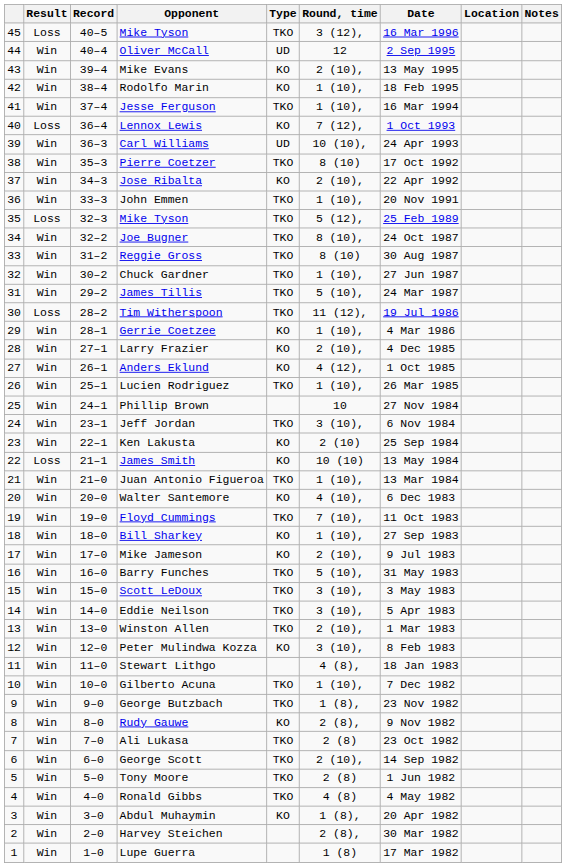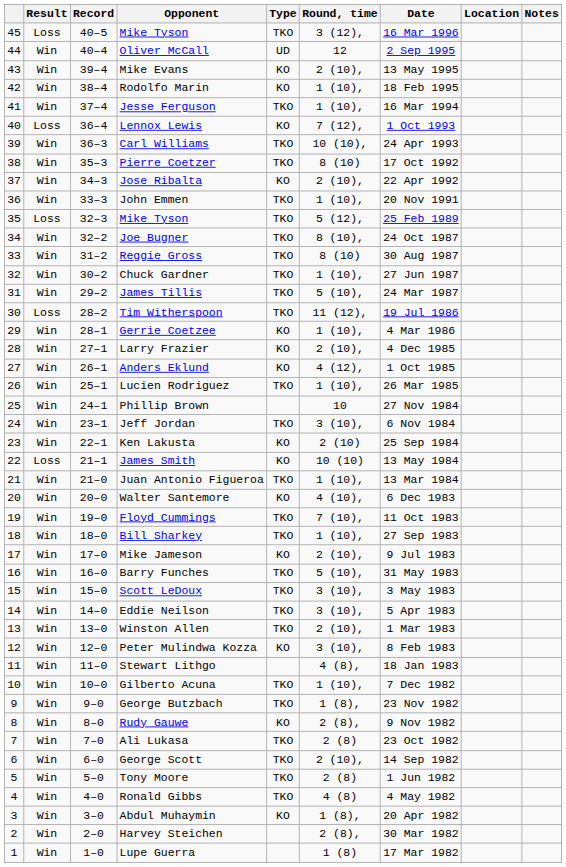 <table class="wikitable" style="text-align:center">
 <tr>
 <th></th>
 <th>Result</th>
 <th>Record</th>
 <th>Opponent</th>
 <th>Type</th>
 <th>Round, time</th>
 <th>Date</th>
 <th>Location</th>
 <th>Notes</th>
 </tr>
 <tr>
 <td>45</td>
 <td>Loss</td>
 <td>40–5</td>
 <td style="text-align:left;"><a href='#'>Mike Tyson</a></td>
 <td>TKO</td>
 <td>3 (12), </td>
 <td><a href='#'>16 Mar 1996</a></td>
 <td style="text-align:left;"></td>
 <td style="text-align:left;"></td>
 </tr>
 <tr>
 <td>44</td>
 <td>Win</td>
 <td>40–4</td>
 <td style="text-align:left;"><a href='#'>Oliver McCall</a></td>
 <td>UD</td>
 <td>12</td>
 <td><a href='#'>2 Sep 1995</a></td>
 <td style="text-align:left;"></td>
 <td style="text-align:left;"></td>
 </tr>
 <tr>
 <td>43</td>
 <td>Win</td>
 <td>39–4</td>
 <td style="text-align:left;">Mike Evans</td>
 <td>KO</td>
 <td>2 (10), </td>
 <td>13 May 1995</td>
 <td style="text-align:left;"></td>
 <td></td>
 </tr>
 <tr>
 <td>42</td>
 <td>Win</td>
 <td>38–4</td>
 <td style="text-align:left;">Rodolfo Marin</td>
 <td>KO</td>
 <td>1 (10), </td>
 <td>18 Feb 1995</td>
 <td style="text-align:left;"></td>
 <td></td>
 </tr>
 <tr>
 <td>41</td>
 <td>Win</td>
 <td>37–4</td>
 <td style="text-align:left;"><a href='#'>Jesse Ferguson</a></td>
 <td>TKO</td>
 <td>1 (10), </td>
 <td>16 Mar 1994</td>
 <td style="text-align:left;"></td>
 <td></td>
 </tr>
 <tr>
 <td>40</td>
 <td>Loss</td>
 <td>36–4</td>
 <td style="text-align:left;"><a href='#'>Lennox Lewis</a></td>
 <td>KO</td>
 <td>7 (12), </td>
 <td><a href='#'>1 Oct 1993</a></td>
 <td style="text-align:left;"></td>
 <td style="text-align:left;"></td>
 </tr>
 <tr>
 <td>39</td>
 <td>Win</td>
 <td>36–3</td>
 <td style="text-align:left;"><a href='#'>Carl Williams</a></td>
-<td>UD</td>
+<td>TKO</td>
 <td>10 (10), </td>
 <td>24 Apr 1993</td>
 <td style="text-align:left;"></td>
 <td></td>
 </tr>
 <tr>
 <td>38</td>
 <td>Win</td>
 <td>35–3</td>
 <td style="text-align:left;"><a href='#'>Pierre Coetzer</a></td>
 <td>TKO</td>
 <td>8 (10)</td>
 <td>17 Oct 1992</td>
 <td style="text-align:left;"></td>
 <td></td>
 </tr>
 <tr>
 <td>37</td>
 <td>Win</td>
 <td>34–3</td>
 <td style="text-align:left;"><a href='#'>Jose Ribalta</a></td>
 <td>KO</td>
 <td>2 (10), </td>
 <td>22 Apr 1992</td>
 <td style="text-align:left;"></td>
 <td></td>
 </tr>
 <tr>
 <td>36</td>
 <td>Win</td>
 <td>33–3</td>
 <td style="text-align:left;">John Emmen</td>
 <td>TKO</td>
 <td>1 (10), </td>
 <td>20 Nov 1991</td>
 <td style="text-align:left;"></td>
 <td></td>
 </tr>
 <tr>
 <td>35</td>
 <td>Loss</td>
 <td>32–3</td>
 <td style="text-align:left;"><a href='#'>Mike Tyson</a></td>
 <td>TKO</td>
 <td>5 (12), </td>
 <td><a href='#'>25 Feb 1989</a></td>
 <td style="text-align:left;"></td>
 <td style="text-align:left;"></td>
 </tr>
 <tr>
 <td>34</td>
 <td>Win</td>
 <td>32–2</td>
 <td style="text-align:left;"><a href='#'>Joe Bugner</a></td>
 <td>TKO</td>
 <td>8 (10), </td>
 <td>24 Oct 1987</td>
 <td style="text-align:left;"></td>
 <td></td>
 </tr>
 <tr>
 <td>33</td>
 <td>Win</td>
 <td>31–2</td>
 <td style="text-align:left;"><a href='#'>Reggie Gross</a></td>
 <td>TKO</td>
 <td>8 (10)</td>
 <td>30 Aug 1987</td>
 <td style="text-align:left;"></td>
 <td></td>
 </tr>
 <tr>
 <td>32</td>
 <td>Win</td>
 <td>30–2</td>
 <td style="text-align:left;">Chuck Gardner</td>
 <td>TKO</td>
 <td>1 (10), </td>
 <td>27 Jun 1987</td>
 <td style="text-align:left;"></td>
 <td></td>
 </tr>
 <tr>
 <td>31</td>
 <td>Win</td>
 <td>29–2</td>
 <td style="text-align:left;"><a href='#'>James Tillis</a></td>
 <td>TKO</td>
 <td>5 (10), </td>
 <td>24 Mar 1987</td>
 <td style="text-align:left;"></td>
 <td></td>
 </tr>
 <tr>
 <td>30</td>
 <td>Loss</td>
 <td>28–2</td>
 <td style="text-align:left;"><a href='#'>Tim Witherspoon</a></td>
 <td>TKO</td>
 <td>11 (12), </td>
 <td><a href='#'>19 Jul 1986</a></td>
 <td style="text-align:left;"></td>
 <td style="text-align:left;"></td>
 </tr>
 <tr>
 <td>29</td>
 <td>Win</td>
 <td>28–1</td>
 <td style="text-align:left;"><a href='#'>Gerrie Coetzee</a></td>
 <td>KO</td>
 <td>1 (10), </td>
 <td>4 Mar 1986</td>
 <td style="text-align:left;"></td>
 <td></td>
 </tr>
 <tr>
 <td>28</td>
 <td>Win</td>
 <td>27–1</td>
 <td style="text-align:left;">Larry Frazier</td>
 <td>KO</td>
 <td>2 (10), </td>
 <td>4 Dec 1985</td>
 <td style="text-align:left;"></td>
 <td></td>
 </tr>
 <tr>
 <td>27</td>
 <td>Win</td>
 <td>26–1</td>
 <td style="text-align:left;"><a href='#'>Anders Eklund</a></td>
 <td>KO</td>
 <td>4 (12), </td>
 <td>1 Oct 1985</td>
 <td style="text-align:left;"></td>
 <td style="text-align:left;"></td>
 </tr>
 <tr>
 <td>26</td>
 <td>Win</td>
 <td>25–1</td>
 <td style="text-align:left;">Lucien Rodriguez</td>
 <td>TKO</td>
 <td>1 (10), </td>
 <td>26 Mar 1985</td>
 <td style="text-align:left;"></td>
 <td></td>
 </tr>
 <tr>
 <td>25</td>
 <td>Win</td>
 <td>24–1</td>
 <td style="text-align:left;">Phillip Brown</td>
 <td></td>
 <td>10</td>
 <td>27 Nov 1984</td>
 <td style="text-align:left;"></td>
 <td></td>
 </tr>
 <tr>
 <td>24</td>
 <td>Win</td>
 <td>23–1</td>
 <td style="text-align:left;">Jeff Jordan</td>
 <td>TKO</td>
 <td>3 (10), </td>
 <td>6 Nov 1984</td>
 <td style="text-align:left;"></td>
 <td></td>
 </tr>
 <tr>
 <td>23</td>
 <td>Win</td>
 <td>22–1</td>
 <td style="text-align:left;">Ken Lakusta</td>
 <td>KO</td>
 <td>2 (10)</td>
 <td>25 Sep 1984</td>
 <td style="text-align:left;"></td>
 <td></td>
 </tr>
 <tr>
 <td>22</td>
 <td>Loss</td>
 <td>21–1</td>
 <td style="text-align:left;"><a href='#'>James Smith</a></td>
 <td>KO</td>
 <td>10 (10)</td>
 <td>13 May 1984</td>
 <td style="text-align:left;"></td>
 <td></td>
 </tr>
 <tr>
 <td>21</td>
 <td>Win</td>
 <td>21–0</td>
 <td style="text-align:left;">Juan Antonio Figueroa</td>
 <td>TKO</td>
 <td>1 (10), </td>
 <td>13 Mar 1984</td>
 <td style="text-align:left;"></td>
 <td></td>
 </tr>
 <tr>
 <td>20</td>
 <td>Win</td>
 <td>20–0</td>
 <td style="text-align:left;">Walter Santemore</td>
 <td>KO</td>
 <td>4 (10), </td>
 <td>6 Dec 1983</td>
 <td style="text-align:left;"></td>
 <td></td>
 </tr>
 <tr>
 <td>19</td>
 <td>Win</td>
 <td>19–0</td>
 <td style="text-align:left;"><a href='#'>Floyd Cummings</a></td>
 <td>TKO</td>
 <td>7 (10), </td>
 <td>11 Oct 1983</td>
 <td style="text-align:left;"></td>
 <td></td>
 </tr>
 <tr>
 <td>18</td>
 <td>Win</td>
 <td>18–0</td>
 <td style="text-align:left;"><a href='#'>Bill Sharkey</a></td>
-<td>KO</td>
+<td>TKO</td>
 <td>1 (10), </td>
 <td>27 Sep 1983</td>
 <td style="text-align:left;"></td>
 <td></td>
 </tr>
 <tr>
 <td>17</td>
 <td>Win</td>
 <td>17–0</td>
 <td style="text-align:left;">Mike Jameson</td>
 <td>KO</td>
 <td>2 (10), </td>
 <td>9 Jul 1983</td>
 <td style="text-align:left;"></td>
 <td></td>
 </tr>
 <tr>
 <td>16</td>
 <td>Win</td>
 <td>16–0</td>
 <td style="text-align:left;">Barry Funches</td>
 <td>TKO</td>
 <td>5 (10), </td>
 <td>31 May 1983</td>
 <td style="text-align:left;"></td>
 <td></td>
 </tr>
 <tr>
 <td>15</td>
 <td>Win</td>
 <td>15–0</td>
 <td style="text-align:left;"><a href='#'>Scott LeDoux</a></td>
 <td>TKO</td>
 <td>3 (10), </td>
 <td>3 May 1983</td>
 <td style="text-align:left;"></td>
 <td></td>
 </tr>
 <tr>
 <td>14</td>
 <td>Win</td>
 <td>14–0</td>
 <td style="text-align:left;">Eddie Neilson</td>
 <td>TKO</td>
 <td>3 (10), </td>
 <td>5 Apr 1983</td>
 <td style="text-align:left;"></td>
 <td></td>
 </tr>
 <tr>
 <td>13</td>
 <td>Win</td>
 <td>13–0</td>
 <td style="text-align:left;">Winston Allen</td>
 <td>TKO</td>
 <td>2 (10), </td>
 <td>1 Mar 1983</td>
 <td style="text-align:left;"></td>
 <td></td>
 </tr>
 <tr>
 <td>12</td>
 <td>Win</td>
 <td>12–0</td>
 <td style="text-align:left;">Peter Mulindwa Kozza</td>
 <td>KO</td>
 <td>3 (10), </td>
 <td>8 Feb 1983</td>
 <td style="text-align:left;"></td>
 <td></td>
 </tr>
 <tr>
 <td>11</td>
 <td>Win</td>
 <td>11–0</td>
 <td style="text-align:left;">Stewart Lithgo</td>
 <td></td>
 <td>4 (8), </td>
 <td>18 Jan 1983</td>
 <td style="text-align:left;"></td>
 <td></td>
 </tr>
 <tr>
 <td>10</td>
 <td>Win</td>
 <td>10–0</td>
 <td style="text-align:left;">Gilberto Acuna</td>
 <td>TKO</td>
 <td>1 (10), </td>
 <td>7 Dec 1982</td>
 <td style="text-align:left;"></td>
 <td></td>
 </tr>
 <tr>
 <td>9</td>
 <td>Win</td>
 <td>9–0</td>
 <td style="text-align:left;">George Butzbach</td>
 <td>TKO</td>
 <td>1 (8), </td>
 <td>23 Nov 1982</td>
 <td style="text-align:left;"></td>
 <td></td>
 </tr>
 <tr>
 <td>8</td>
 <td>Win</td>
 <td>8–0</td>
 <td style="text-align:left;"><a href='#'>Rudy Gauwe</a></td>
 <td>KO</td>
 <td>2 (8), </td>
 <td>9 Nov 1982</td>
 <td style="text-align:left;"></td>
 <td></td>
 </tr>
 <tr>
 <td>7</td>
 <td>Win</td>
 <td>7–0</td>
 <td style="text-align:left;">Ali Lukasa</td>
 <td>TKO</td>
 <td>2 (8)</td>
 <td>23 Oct 1982</td>
 <td style="text-align:left;"></td>
 <td></td>
 </tr>
 <tr>
 <td>6</td>
 <td>Win</td>
 <td>6–0</td>
 <td style="text-align:left;">George Scott</td>
 <td>TKO</td>
 <td>2 (10), </td>
 <td>14 Sep 1982</td>
 <td style="text-align:left;"></td>
 <td></td>
 </tr>
 <tr>
 <td>5</td>
 <td>Win</td>
 <td>5–0</td>
 <td style="text-align:left;">Tony Moore</td>
 <td>TKO</td>
 <td>2 (8)</td>
 <td>1 Jun 1982</td>
 <td style="text-align:left;"></td>
 <td></td>
 </tr>
 <tr>
 <td>4</td>
 <td>Win</td>
 <td>4–0</td>
 <td style="text-align:left;">Ronald Gibbs</td>
 <td>TKO</td>
 <td>4 (8)</td>
 <td>4 May 1982</td>
 <td style="text-align:left;"></td>
 <td></td>
 </tr>
 <tr>
 <td>3</td>
 <td>Win</td>
 <td>3–0</td>
 <td style="text-align:left;">Abdul Muhaymin</td>
 <td>KO</td>
 <td>1 (8), </td>
 <td>20 Apr 1982</td>
 <td style="text-align:left;"></td>
 <td></td>
 </tr>
 <tr>
 <td>2</td>
 <td>Win</td>
 <td>2–0</td>
 <td style="text-align:left;">Harvey Steichen</td>
 <td></td>
 <td>2 (8), </td>
 <td>30 Mar 1982</td>
 <td style="text-align:left;"></td>
 <td></td>
 </tr>
 <tr>
 <td>1</td>
 <td>Win</td>
 <td>1–0</td>
 <td style="text-align:left;">Lupe Guerra</td>
 <td></td>
 <td>1 (8)</td>
 <td>17 Mar 1982</td>
 <td style="text-align:left;"></td>
 <td></td>
 </tr>
 </table>
